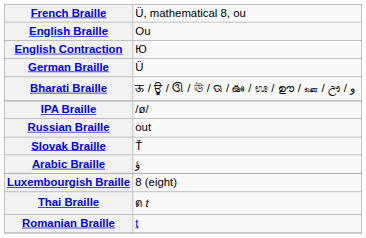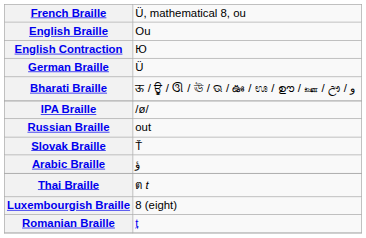 <table class="wikitable">
 <tr>
 <th align=left><a href='#'>French Braille</a></th>
 <td>Ü, mathematical 8, ou</td>
 </tr>
 <tr>
 <th align=left><a href='#'>English Braille</a></th>
 <td>Ou</td>
 </tr>
 <tr>
 <th align=left><a href='#'>English Contraction</a></th>
 <td>Ю</td>
 </tr>
 <tr>
 <th align=left><a href='#'>German Braille</a></th>
 <td>Ü</td>
 </tr>
 <tr>
 <th align=left><a href='#'>Bharati Braille</a></th>
 <td>ऊ / ਊ / ઊ / ঊ / ଊ / ఊ / ಊ / ഊ / ஊ / ඌ / و ‎</td>
 </tr>
 <tr>
 </tr>
 <tr>
 <th align=left><a href='#'>IPA Braille</a></th>
 <td>/ø/</td>
 </tr>
 <tr>
 <th align=left><a href='#'>Russian Braille</a></th>
 <td>out</td>
 </tr>
 <tr>
 <th align=left><a href='#'>Slovak Braille</a></th>
 <td>Ť</td>
 </tr>
 <tr>
 <th align=left><a href='#'>Arabic Braille</a></th>
 <td>ؤ</td>
 </tr>
 <tr>
 </tr>
 <tr>
 </tr>
 <tr>
+<th align=left><a href='#'>Thai Braille</a></th>
+<td>ต <em>t</em></td>
+</tr>
+<tr>
 <th align=left><a href='#'>Luxembourgish Braille</a></th>
 <td>8 (eight)</td>
-</tr>
-<tr>
-<th align=left><a href='#'>Thai Braille</a></th>
-<td>ต <em>t</em></td>
 </tr>
 <tr>
 <th align=left><a href='#'>Romanian Braille</a></th>
 <td><a href='#'>ț</a></td>
 </tr>
 <tr>
 </tr>
 </table>
